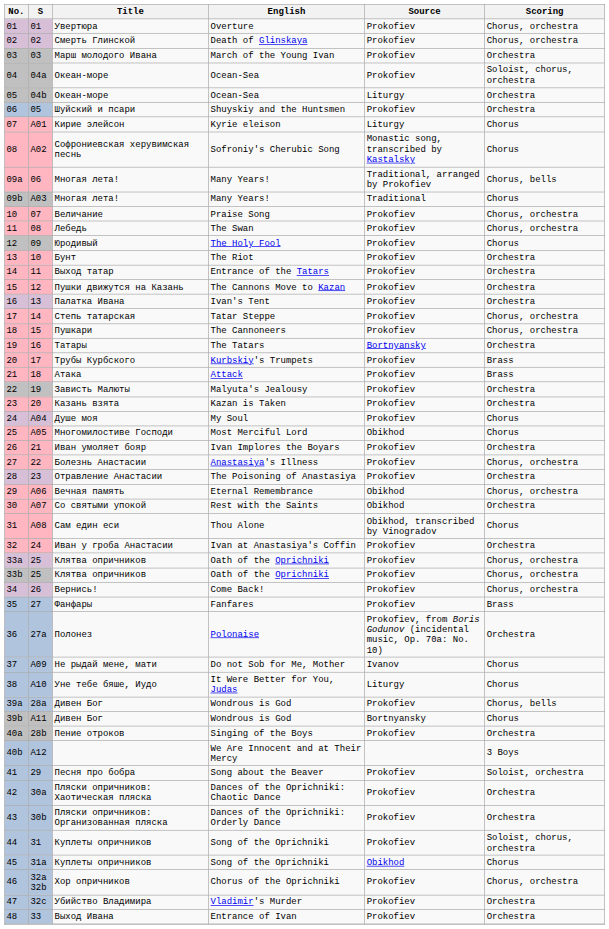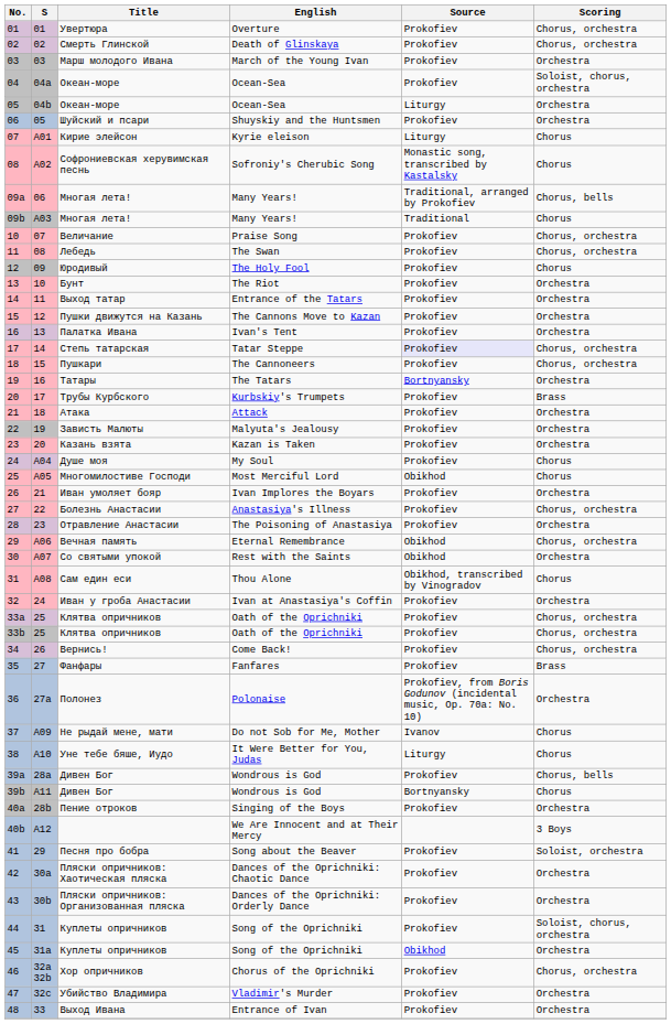 <table class="wikitable sortable" style="text-align: left"; style="width:75em; font-size:90%; line-height:1.5">
 <tr>
 <th style="width:4%;">No.</th>
 <th style="width:4%;">S</th>
 <th style="width:26%;">Title</th>
 <th style="width:26%;">English</th>
 <th style="width:20%;">Source</th>
 <th style="width:20;">Scoring</th>
 </tr>
 <tr>
 <td style="background:#D8BFD8">01</td>
 <td style="background:#D8BFD8">01</td>
 <td>Увертюра</td>
 <td>Overture</td>
 <td>Prokofiev</td>
 <td>Chorus, orchestra</td>
 </tr>
 <tr>
 <td style="background:#D8BFD8">02</td>
 <td style="background:#D8BFD8">02</td>
 <td>Смерть Глинской</td>
 <td>Death of <a href='#'>Glinskaya</a></td>
 <td>Prokofiev</td>
 <td>Chorus, orchestra</td>
 </tr>
 <tr>
 <td style="background:#C0C0C0">03</td>
 <td style="background:#C0C0C0">03</td>
 <td>Марш молодого Ивана</td>
 <td>March of the Young Ivan</td>
 <td>Prokofiev</td>
 <td>Orchestra</td>
 </tr>
 <tr>
 <td style="background:#C0C0C0">04</td>
 <td style="background:#C0C0C0">04a</td>
 <td>Океан-море</td>
 <td>Ocean-Sea</td>
 <td>Prokofiev</td>
 <td>Soloist, chorus, orchestra</td>
 </tr>
 <tr>
 <td style="background:#C0C0C0">05</td>
 <td style="background:#C0C0C0">04b</td>
 <td>Океан-море</td>
 <td>Ocean-Sea</td>
 <td>Liturgy</td>
 <td>Orchestra</td>
 </tr>
 <tr>
 <td style="background:#B0C4DE">06</td>
 <td style="background:#B0C4DE">05</td>
 <td>Шуйский и псари</td>
 <td>Shuyskiy and the Huntsmen</td>
 <td>Prokofiev</td>
 <td>Orchestra</td>
 </tr>
 <tr>
 <td style="background:#FFB6C1">07</td>
 <td style="background:#FFB6C1">A01</td>
 <td>Кирие элейсон</td>
 <td>Kyrie eleison</td>
 <td>Liturgy</td>
 <td>Chorus</td>
 </tr>
 <tr>
 <td style="background:#FFB6C1">08</td>
 <td style="background:#FFB6C1">A02</td>
 <td>Софрониевская херувимская песнь</td>
 <td>Sofroniy's Cherubic Song</td>
 <td>Monastic song, transcribed by <a href='#'>Kastalsky</a></td>
 <td>Chorus</td>
 </tr>
 <tr>
 <td style="background:#FFB6C1">09a</td>
 <td style="background:#FFB6C1">06</td>
 <td>Многая лета!</td>
 <td>Many Years!</td>
 <td>Traditional, arranged by Prokofiev</td>
 <td>Chorus, bells</td>
 </tr>
 <tr>
 <td style="background:#C0C0C0">09b</td>
 <td style="background:#C0C0C0">A03</td>
 <td>Многая лета!</td>
 <td>Many Years!</td>
 <td>Traditional</td>
 <td>Chorus</td>
 </tr>
 <tr>
 <td style="background:#FFB6C1">10</td>
 <td style="background:#FFB6C1">07</td>
 <td>Величание</td>
 <td>Praise Song</td>
 <td>Prokofiev</td>
 <td>Chorus, orchestra</td>
 </tr>
 <tr>
 <td style="background:#FFB6C1">11</td>
 <td style="background:#FFB6C1">08</td>
 <td>Лебедь</td>
 <td>The Swan</td>
 <td>Prokofiev</td>
 <td>Chorus, orchestra</td>
 </tr>
 <tr>
 <td style="background:#C0C0C0">12</td>
 <td style="background:#C0C0C0">09</td>
 <td>Юродивый</td>
 <td><a href='#'>The Holy Fool</a></td>
 <td>Prokofiev</td>
 <td>Chorus</td>
 </tr>
 <tr>
 <td style="background:#FFB6C1">13</td>
 <td style="background:#FFB6C1">10</td>
 <td>Бунт</td>
 <td>The Riot</td>
 <td>Prokofiev</td>
 <td>Orchestra</td>
 </tr>
 <tr>
 <td style="background:#FFB6C1">14</td>
 <td style="background:#FFB6C1">11</td>
 <td>Выход татар</td>
 <td>Entrance of the <a href='#'>Tatars</a></td>
 <td>Prokofiev</td>
 <td>Orchestra</td>
 </tr>
 <tr>
 <td style="background:#FFB6C1">15</td>
 <td style="background:#FFB6C1">12</td>
 <td>Пушки движутся на Казань</td>
 <td>The Cannons Move to <a href='#'>Kazan</a></td>
 <td>Prokofiev</td>
 <td>Orchestra</td>
 </tr>
 <tr>
 <td style="background:#D8BFD8">16</td>
 <td style="background:#D8BFD8">13</td>
 <td>Палатка Ивана</td>
 <td>Ivan's Tent</td>
 <td>Prokofiev</td>
 <td>Orchestra</td>
 </tr>
 <tr>
 <td style="background:#FFB6C1">17</td>
 <td style="background:#FFB6C1">14</td>
 <td>Степь татарская</td>
 <td>Tatar Steppe</td>
-<td>Prokofiev</td>
+<td style="background: lavender;">Prokofiev</td>
 <td>Chorus, orchestra</td>
 </tr>
 <tr>
 <td style="background:#FFB6C1">18</td>
 <td style="background:#FFB6C1">15</td>
 <td>Пушкари</td>
 <td>The Cannoneers</td>
 <td>Prokofiev</td>
 <td>Chorus, orchestra</td>
 </tr>
 <tr>
 <td style="background:#FFB6C1">19</td>
 <td style="background:#FFB6C1">16</td>
 <td>Татары</td>
 <td>The Tatars</td>
 <td><a href='#'>Bortnyansky</a></td>
 <td>Orchestra</td>
 </tr>
 <tr>
 <td style="background:#FFB6C1">20</td>
 <td style="background:#FFB6C1">17</td>
 <td>Трубы Курбского</td>
 <td><a href='#'>Kurbskiy</a>'s Trumpets</td>
 <td>Prokofiev</td>
 <td>Brass</td>
 </tr>
 <tr>
 <td style="background:#FFB6C1">21</td>
 <td style="background:#FFB6C1">18</td>
 <td>Атака</td>
 <td><a href='#'>Attack</a></td>
 <td>Prokofiev</td>
-<td>Brass</td>
+<td>Orchestra</td>
 </tr>
 <tr>
 <td style="background:#C0C0C0">22</td>
 <td style="background:#C0C0C0">19</td>
 <td>Зависть Малюты</td>
 <td>Malyuta's Jealousy</td>
 <td>Prokofiev</td>
 <td>Orchestra</td>
 </tr>
 <tr>
 <td style="background:#FFB6C1">23</td>
 <td style="background:#FFB6C1">20</td>
 <td>Казань взята</td>
 <td>Kazan is Taken</td>
 <td>Prokofiev</td>
 <td>Orchestra</td>
 </tr>
 <tr>
 <td style="background:#D8BFD8">24</td>
 <td style="background:#D8BFD8">A04</td>
 <td>Душе моя</td>
 <td>My Soul</td>
 <td>Prokofiev</td>
 <td>Chorus</td>
 </tr>
 <tr>
 <td style="background:#FFB6C1">25</td>
 <td style="background:#FFB6C1">A05</td>
 <td>Многомилостиве Господи</td>
 <td>Most Merciful Lord</td>
 <td>Obikhod</td>
 <td>Chorus</td>
 </tr>
 <tr>
 <td style="background:#FFB6C1">26</td>
 <td style="background:#FFB6C1">21</td>
 <td>Иван умоляет бояр</td>
 <td>Ivan Implores the Boyars</td>
 <td>Prokofiev</td>
 <td>Orchestra</td>
 </tr>
 <tr>
 <td style="background:#FFB6C1">27</td>
 <td style="background:#FFB6C1">22</td>
 <td>Болезнь Анастасии</td>
 <td><a href='#'>Anastasiya</a>'s Illness</td>
 <td>Prokofiev</td>
 <td>Chorus, orchestra</td>
 </tr>
 <tr>
 <td style="background:#D8BFD8">28</td>
 <td style="background:#D8BFD8">23</td>
 <td>Отравление Анастасии</td>
 <td>The Poisoning of Anastasiya</td>
 <td>Prokofiev</td>
 <td>Orchestra</td>
 </tr>
 <tr>
 <td style="background:#FFB6C1">29</td>
 <td style="background:#FFB6C1">A06</td>
 <td>Вечная память</td>
 <td>Eternal Remembrance</td>
 <td>Obikhod</td>
 <td>Chorus, orchestra</td>
 </tr>
 <tr>
 <td style="background:#FFB6C1">30</td>
 <td style="background:#FFB6C1">A07</td>
 <td>Со святыми упокой</td>
 <td>Rest with the Saints</td>
 <td>Obikhod</td>
 <td>Orchestra</td>
 </tr>
 <tr>
 <td style="background:#FFB6C1">31</td>
 <td style="background:#FFB6C1">A08</td>
 <td>Сам един еси</td>
 <td>Thou Alone</td>
 <td>Obikhod, transcribed by Vinogradov</td>
 <td>Chorus</td>
 </tr>
 <tr>
 <td style="background:#FFB6C1">32</td>
 <td style="background:#FFB6C1">24</td>
 <td>Иван у гроба Анастасии</td>
 <td>Ivan at Anastasiya's Coffin</td>
 <td>Prokofiev</td>
 <td>Orchestra</td>
 </tr>
 <tr>
 <td style="background:#D8BFD8">33a</td>
 <td style="background:#D8BFD8">25</td>
 <td>Клятва опричников</td>
 <td>Oath of the <a href='#'>Oprichniki</a></td>
 <td>Prokofiev</td>
 <td>Chorus, orchestra</td>
 </tr>
 <tr>
 <td style="background:#C0C0C0">33b</td>
 <td style="background:#C0C0C0">25</td>
 <td>Клятва опричников</td>
 <td>Oath of the <a href='#'>Oprichniki</a></td>
 <td>Prokofiev</td>
 <td>Chorus, orchestra</td>
 </tr>
 <tr>
 <td style="background:#D8BFD8">34</td>
 <td style="background:#D8BFD8">26</td>
 <td>Вернись!</td>
 <td>Come Back!</td>
 <td>Prokofiev</td>
 <td>Chorus, orchestra</td>
 </tr>
 <tr>
 <td style="background:#B0C4DE">35</td>
 <td style="background:#B0C4DE">27</td>
 <td>Фанфары</td>
 <td>Fanfares</td>
 <td>Prokofiev</td>
 <td>Brass</td>
 </tr>
 <tr>
 <td style="background:#B0C4DE">36</td>
 <td style="background:#B0C4DE">27a</td>
 <td>Полонез</td>
 <td><a href='#'>Polonaise</a></td>
 <td>Prokofiev, from <em>Boris Godunov</em> (incidental music, Op. 70a: No. 10)</td>
 <td>Orchestra</td>
 </tr>
 <tr>
 <td style="background:#B0C4DE">37</td>
 <td style="background:#B0C4DE">A09</td>
 <td>Не рыдай мене, мати</td>
 <td>Do not Sob for Me, Mother</td>
 <td>Ivanov</td>
 <td>Chorus</td>
 </tr>
 <tr>
 <td style="background:#B0C4DE">38</td>
 <td style="background:#B0C4DE">A10</td>
 <td>Уне тебе бяше, Иудо</td>
 <td>It Were Better for You, <a href='#'>Judas</a></td>
 <td>Liturgy</td>
 <td>Chorus</td>
 </tr>
 <tr>
 <td style="background:#B0C4DE">39a</td>
 <td style="background:#B0C4DE">28a</td>
 <td>Дивен Бог</td>
 <td>Wondrous is God</td>
 <td>Prokofiev</td>
 <td>Chorus, bells</td>
 </tr>
 <tr>
 <td style="background:#C0C0C0">39b</td>
 <td style="background:#C0C0C0">A11</td>
 <td>Дивен Бог</td>
 <td>Wondrous is God</td>
 <td>Bortnyansky</td>
 <td>Chorus</td>
 </tr>
 <tr>
 <td style="background:#C0C0C0">40a</td>
 <td style="background:#C0C0C0">28b</td>
 <td>Пение отроков</td>
 <td>Singing of the Boys</td>
 <td>Prokofiev</td>
 <td>Orchestra</td>
 </tr>
 <tr>
 <td style="background:#B0C4DE">40b</td>
 <td style="background:#B0C4DE">A12</td>
 <td></td>
 <td>We Are Innocent and at Their Mercy</td>
 <td></td>
 <td>3 Boys</td>
 </tr>
 <tr>
 <td style="background:#B0C4DE">41</td>
 <td style="background:#B0C4DE">29</td>
 <td>Песня про бобра</td>
 <td>Song about the Beaver</td>
 <td>Prokofiev</td>
 <td>Soloist, orchestra</td>
 </tr>
 <tr>
 <td style="background:#B0C4DE">42</td>
 <td style="background:#B0C4DE">30a</td>
 <td>Пляски опричников:<br>Хаотическая пляска</td>
 <td>Dances of the Oprichniki:<br>Chaotic Dance</td>
 <td>Prokofiev</td>
 <td>Orchestra</td>
 </tr>
 <tr>
 <td style="background:#B0C4DE">43</td>
 <td style="background:#B0C4DE">30b</td>
 <td>Пляски опричников:<br>Организованная пляска</td>
 <td>Dances of the Oprichniki:<br>Orderly Dance</td>
 <td>Prokofiev</td>
 <td>Orchestra</td>
 </tr>
 <tr>
 <td style="background:#B0C4DE">44</td>
 <td style="background:#B0C4DE">31</td>
 <td>Куплеты опричников</td>
 <td>Song of the Oprichniki</td>
 <td>Prokofiev</td>
 <td>Soloist, chorus, orchestra</td>
 </tr>
 <tr>
 <td style="background:#B0C4DE">45</td>
 <td style="background:#B0C4DE">31a</td>
 <td>Куплеты опричников</td>
 <td>Song of the Oprichniki</td>
 <td><a href='#'>Obikhod</a></td>
-<td>Chorus</td>
+<td>Orchestra</td>
 </tr>
 <tr>
 <td style="background:#B0C4DE">46</td>
 <td style="background:#B0C4DE">32a<br>32b</td>
 <td>Хор опричников</td>
 <td>Chorus of the Oprichniki</td>
 <td>Prokofiev</td>
 <td>Chorus, orchestra</td>
 </tr>
 <tr>
 <td style="background:#B0C4DE">47</td>
 <td style="background:#B0C4DE">32c</td>
 <td>Убийство Владимира</td>
 <td><a href='#'>Vladimir</a>'s Murder</td>
 <td>Prokofiev</td>
 <td>Orchestra</td>
 </tr>
 <tr>
 <td style="background:#B0C4DE">48</td>
 <td style="background:#B0C4DE">33</td>
 <td>Выход Ивана</td>
 <td>Entrance of Ivan</td>
 <td>Prokofiev</td>
 <td>Orchestra</td>
 </tr>
 <tr>
 </tr>
 </table>
